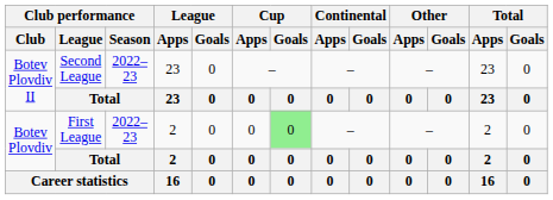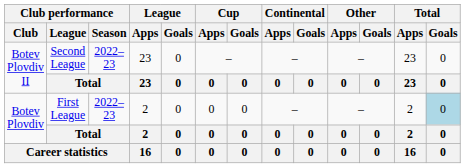 <table class="wikitable" style="text-align: center">
 <tr>
 <th Colspan="3">Club performance</th>
 <th Colspan="2">League</th>
 <th Colspan="2">Cup</th>
 <th Colspan="2">Continental</th>
 <th Colspan="2">Other</th>
 <th Colspan="3">Total</th>
 </tr>
 <tr>
 <th>Club</th>
 <th>League</th>
 <th>Season</th>
 <th>Apps</th>
 <th>Goals</th>
 <th>Apps</th>
 <th>Goals</th>
 <th>Apps</th>
 <th>Goals</th>
 <th>Apps</th>
 <th>Goals</th>
 <th>Apps</th>
 <th>Goals</th>
 </tr>
 <tr>
 <td rowspan="2" valign="center"><a href='#'>Botev Plovdiv II</a></td>
 <td rowspan="1"><a href='#'>Second League</a></td>
 <td><a href='#'>2022–23</a></td>
 <td>23</td>
 <td>0</td>
 <td colspan="2">–</td>
 <td colspan="2">–</td>
 <td colspan="2">–</td>
 <td>23</td>
 <td>0</td>
 </tr>
 <tr>
 <th colspan=2>Total</th>
 <th>23</th>
 <th>0</th>
 <th>0</th>
 <th>0</th>
 <th>0</th>
 <th>0</th>
 <th>0</th>
 <th>0</th>
 <th>23</th>
 <th>0</th>
 </tr>
 <tr>
 <td rowspan="2" valign="center"><a href='#'>Botev Plovdiv</a></td>
 <td rowspan="1"><a href='#'>First League</a></td>
 <td><a href='#'>2022–23</a></td>
 <td>2</td>
 <td>0</td>
 <td>0</td>
-<td style="background: lightgreen;">0</td>
+<td>0</td>
 <td colspan="2">–</td>
 <td colspan="2">–</td>
 <td>2</td>
-<td>0</td>
+<td style="background: lightblue;">0</td>
 </tr>
 <tr>
 <th colspan=2>Total</th>
 <th>2</th>
 <th>0</th>
 <th>0</th>
 <th>0</th>
 <th>0</th>
 <th>0</th>
 <th>0</th>
 <th>0</th>
 <th>2</th>
 <th>0</th>
 </tr>
 <tr>
 <th colspan="3">Career statistics</th>
 <th>16</th>
 <th>0</th>
 <th>0</th>
 <th>0</th>
 <th>0</th>
 <th>0</th>
 <th>0</th>
 <th>0</th>
 <th>16</th>
 <th>0</th>
 </tr>
 </table>
